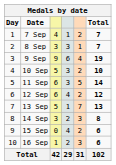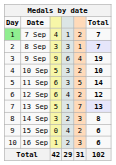 <table class="wikitable" style="font-size:90%">
 <tr style="background:#efefef;">
 <th colspan=6>Medals by date</th>
 </tr>
 <tr style="text-align:center;">
 <td><strong>Day</strong></td>
 <td><strong>Date</strong></td>
 <td style="background:#F7F6A8;"></td>
 <td style="background:#DCE5E5;"></td>
 <td style="background:#FFDAB9;"></td>
 <td><strong>Total</strong></td>
 </tr>
 <tr style="text-align:center;">
-<td>1</td>
+<td style="background: lightgreen;">1</td>
 <td>7 Sep</td>
 <td style="background:#F7F6A8;">4</td>
 <td style="background:#DCE5E5;">1</td>
 <td style="background:#FFDAB9;">2</td>
 <td><strong>7</strong></td>
 </tr>
 <tr style="text-align:center;">
 <td>2</td>
 <td>8 Sep</td>
 <td style="background:#F7F6A8;">3</td>
 <td style="background:#DCE5E5;">3</td>
 <td style="background:#FFDAB9;">1</td>
-<td><strong>7</strong></td>
+<td style="background: lavender;"><strong>7</strong></td>
 </tr>
 <tr style="text-align:center;">
 <td>3</td>
 <td>9 Sep</td>
 <td style="background:#F7F6A8;">9</td>
 <td style="background:#DCE5E5;">6</td>
 <td style="background:#FFDAB9;">4</td>
 <td><strong>19</strong></td>
 </tr>
 <tr style="text-align:center;">
 <td>4</td>
 <td>10 Sep</td>
 <td style="background:#F7F6A8;">5</td>
 <td style="background:#DCE5E5;">3</td>
 <td style="background:#FFDAB9;">2</td>
 <td><strong>10</strong></td>
 </tr>
 <tr style="text-align:center;">
 <td>5</td>
 <td>11 Sep</td>
 <td style="background:#F7F6A8;">6</td>
 <td style="background:#DCE5E5;">3</td>
 <td style="background:#FFDAB9;">5</td>
 <td><strong>14</strong></td>
 </tr>
 <tr style="text-align:center;">
 <td>6</td>
 <td>12 Sep</td>
 <td style="background:#F7F6A8;">6</td>
 <td style="background:#DCE5E5;">4</td>
 <td style="background:#FFDAB9;">2</td>
 <td><strong>12</strong></td>
 </tr>
 <tr style="text-align:center;">
 <td>7</td>
 <td>13 Sep</td>
 <td style="background:#F7F6A8;">5</td>
 <td style="background:#DCE5E5;">1</td>
 <td style="background:#FFDAB9;">7</td>
-<td><strong>13</strong></td>
+<td style="background: lavender;"><strong>13</strong></td>
 </tr>
 <tr style="text-align:center;">
 <td>8</td>
 <td>14 Sep</td>
 <td style="background:#F7F6A8;">3</td>
 <td style="background:#DCE5E5;">2</td>
 <td style="background:#FFDAB9;">3</td>
 <td><strong>8</strong></td>
 </tr>
 <tr style="text-align:center;">
 <td>9</td>
 <td>15 Sep</td>
 <td style="background:#F7F6A8;">0</td>
 <td style="background:#DCE5E5;">4</td>
 <td style="background:#FFDAB9;">2</td>
 <td><strong>6</strong></td>
 </tr>
 <tr style="text-align:center;">
 <td>10</td>
 <td>16 Sep</td>
 <td style="background:#F7F6A8;">1</td>
 <td style="background:#DCE5E5;">2</td>
 <td style="background:#FFDAB9;">3</td>
 <td><strong>6</strong></td>
 </tr>
 <tr>
 <th colspan="2">Total</th>
 <th>42</th>
 <th>29</th>
 <th>31</th>
 <th>102</th>
 </tr>
 </table>
